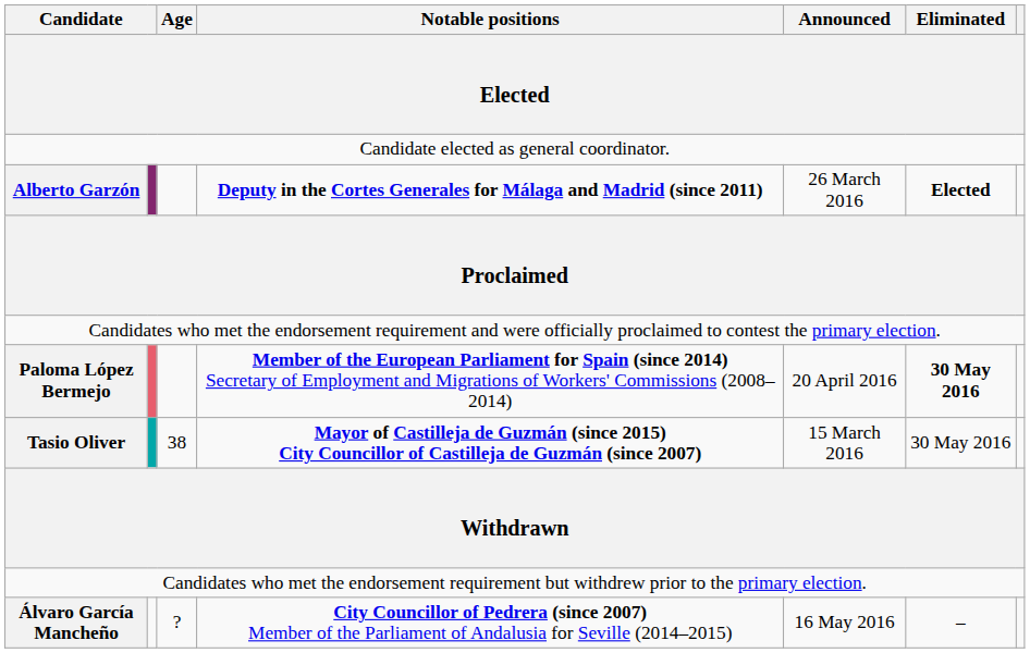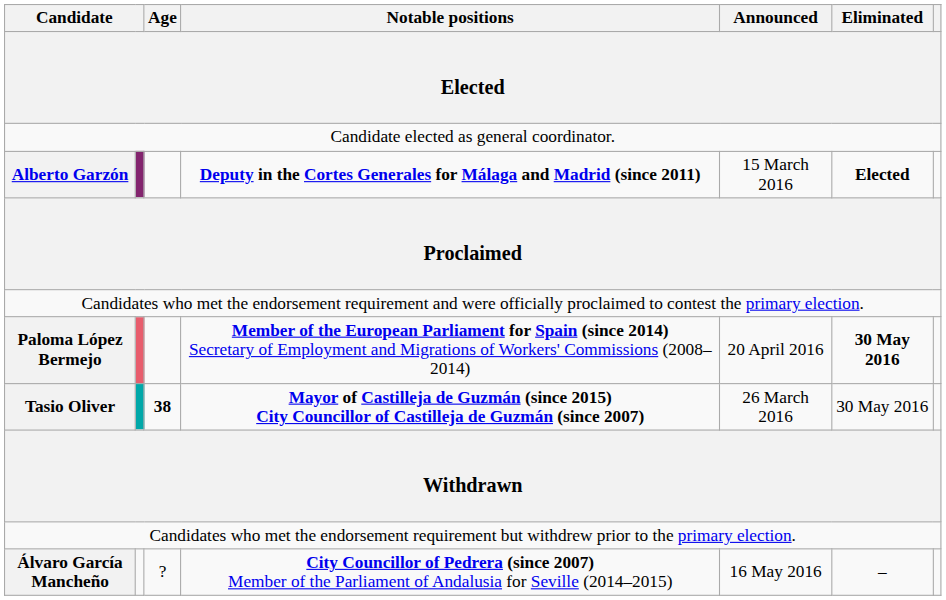 <table class="wikitable" style="text-align:center;">
 <tr>
 <th colspan="2" width="125">Candidate</th>
 <th>Age</th>
 <th>Notable positions</th>
 <th>Announced</th>
 <th>Eliminated</th>
 <th></th>
 </tr>
 <tr>
 <th colspan="8"><br><h3>Elected</h3></th>
 </tr>
 <tr>
 <td colspan="8">Candidate elected as general coordinator.</td>
 </tr>
 <tr>
 <th><a href='#'>Alberto Garzón</a></th>
 <td style="background:#83246E"></td>
 <td></td>
 <td><strong><a href='#'>Deputy</a> in the <a href='#'>Cortes Generales</a> for <a href='#'>Málaga</a> and <a href='#'>Madrid</a> (since 2011)</strong></td>
-<td>26 March 2016</td>
+<td>15 March 2016</td>
 <td> <strong>Elected</strong></td>
 <td></td>
 </tr>
 <tr>
 <th colspan="8"><br><h3>Proclaimed</h3></th>
 </tr>
 <tr>
 <td colspan="7">Candidates who met the endorsement requirement and were officially proclaimed to contest the <a href='#'>primary election</a>.</td>
 </tr>
 <tr>
 <th>Paloma López<br>Bermejo</th>
 <td style="background:#E85D6D"></td>
 <td></td>
 <td><strong><a href='#'>Member of the European Parliament</a> for <a href='#'>Spain</a> (since 2014)</strong><br><a href='#'>Secretary of Employment and Migrations of Workers' Commissions</a> (2008–2014)</td>
 <td>20 April 2016</td>
 <td><strong>30 May 2016</strong></td>
 <td><br></td>
 </tr>
 <tr>
 <th>Tasio Oliver</th>
 <td style="background:#00A8A9"></td>
-<td>38</td>
+<td><strong>38</strong></td>
 <td><strong><a href='#'>Mayor</a> of <a href='#'>Castilleja de Guzmán</a> (since 2015)<br><a href='#'>City Councillor of Castilleja de Guzmán</a> (since 2007)</strong></td>
-<td>15 March 2016</td>
+<td>26 March 2016</td>
 <td>30 May 2016</td>
 <td></td>
 </tr>
 <tr>
 <th colspan="8"><br><h3>Withdrawn</h3></th>
 </tr>
 <tr>
 <td colspan="7">Candidates who met the endorsement requirement but withdrew prior to the <a href='#'>primary election</a>.</td>
 </tr>
 <tr>
 <th>Álvaro García<br>Mancheño</th>
 <td style="color:inherit;background:"></td>
 <td>?</td>
 <td><strong><a href='#'>City Councillor of Pedrera</a> (since 2007)</strong><br><a href='#'>Member of the Parliament of Andalusia</a> for <a href='#'>Seville</a> (2014–2015)</td>
 <td>16 May 2016</td>
 <td>–</td>
 <td><br></td>
 </tr>
 </table>
